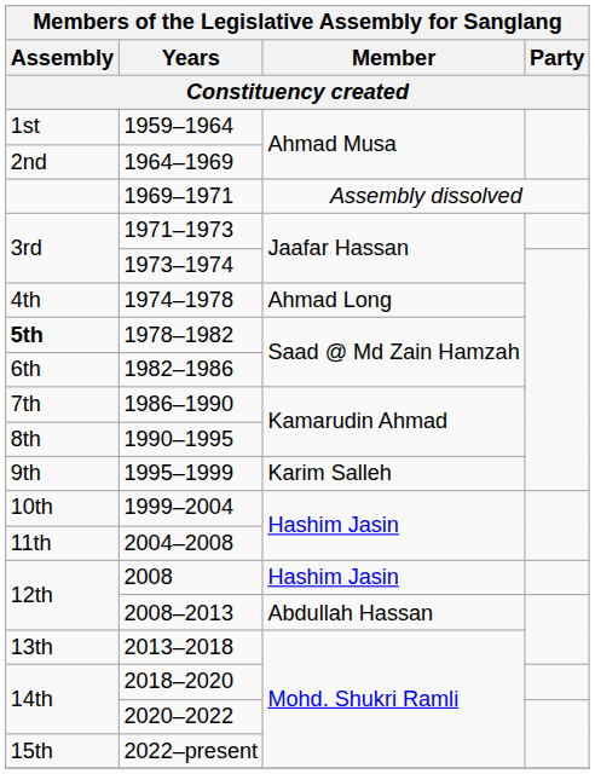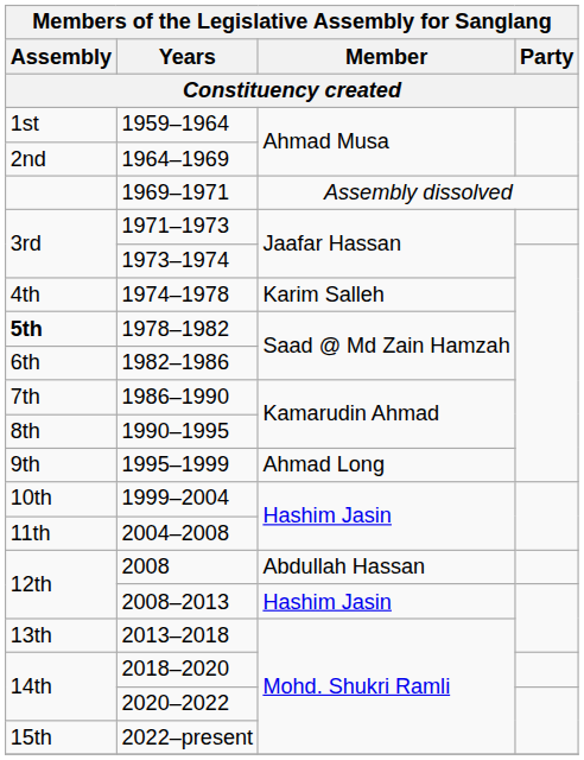 <table class=wikitable>
 <tr>
 <th colspan=4>Members of the Legislative Assembly for Sanglang</th>
 </tr>
 <tr>
 <th>Assembly</th>
 <th>Years</th>
 <th>Member</th>
 <th>Party</th>
 </tr>
 <tr>
 <th colspan=4 align=center><em>Constituency created</em></th>
 </tr>
 <tr>
 <td>1st</td>
 <td>1959–1964</td>
 <td rowspan=2>Ahmad Musa</td>
 <td rowspan=2></td>
 </tr>
 <tr>
 <td>2nd</td>
 <td>1964–1969</td>
 </tr>
 <tr>
 <td></td>
 <td>1969–1971</td>
 <td colspan=2 align=center><em>Assembly dissolved</em></td>
 </tr>
 <tr>
 <td rowspan=2>3rd</td>
 <td>1971–1973</td>
 <td rowspan=2>Jaafar Hassan</td>
 <td></td>
 </tr>
 <tr>
 <td>1973–1974</td>
 <td rowspan=7></td>
 </tr>
 <tr>
 <td>4th</td>
 <td>1974–1978</td>
-<td>Ahmad Long</td>
+<td>Karim Salleh</td>
 </tr>
 <tr>
 <td><strong>5th</strong></td>
 <td>1978–1982</td>
 <td rowspan=2>Saad @ Md Zain Hamzah</td>
 </tr>
 <tr>
 <td>6th</td>
 <td>1982–1986</td>
 </tr>
 <tr>
 <td>7th</td>
 <td>1986–1990</td>
 <td rowspan=2>Kamarudin Ahmad</td>
 </tr>
 <tr>
 <td>8th</td>
 <td>1990–1995</td>
 </tr>
 <tr>
 <td>9th</td>
 <td>1995–1999</td>
-<td>Karim Salleh</td>
+<td>Ahmad Long</td>
 </tr>
 <tr>
 <td>10th</td>
 <td>1999–2004</td>
 <td rowspan=2><a href='#'>Hashim Jasin</a></td>
 <td rowspan=2></td>
 </tr>
 <tr>
 <td>11th</td>
 <td>2004–2008</td>
 </tr>
 <tr>
 <td rowspan=2>12th</td>
 <td>2008</td>
-<td><a href='#'>Hashim Jasin</a></td>
+<td>Abdullah Hassan</td>
 <td></td>
 </tr>
 <tr>
 <td>2008–2013</td>
-<td>Abdullah Hassan</td>
+<td><a href='#'>Hashim Jasin</a></td>
 <td rowspan=2></td>
 </tr>
 <tr>
 <td>13th</td>
 <td>2013–2018</td>
 <td rowspan="4"><a href='#'>Mohd. Shukri Ramli</a></td>
 </tr>
 <tr>
 <td rowspan="2">14th</td>
 <td>2018–2020</td>
 <td></td>
 </tr>
 <tr>
 <td>2020–2022</td>
 <td rowspan=2></td>
 </tr>
 <tr>
 <td>15th</td>
 <td>2022–present</td>
 </tr>
 <tr>
 </tr>
 </table>
